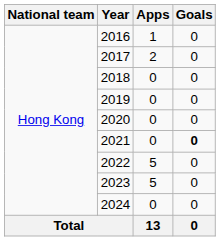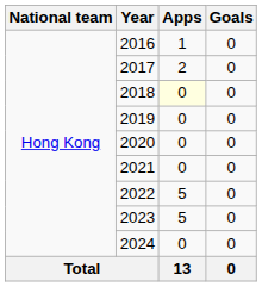 <table class="wikitable" style="text-align:center">
 <tr>
 <th>National team</th>
 <th>Year</th>
 <th>Apps</th>
 <th>Goals</th>
 </tr>
 <tr>
 <td rowspan="9"><a href='#'>Hong Kong</a></td>
 <td>2016</td>
 <td>1</td>
 <td>0</td>
 </tr>
 <tr>
 <td>2017</td>
 <td>2</td>
 <td>0</td>
 </tr>
 <tr>
 <td>2018</td>
-<td>0</td>
+<td style="background: lightyellow;">0</td>
 <td>0</td>
 </tr>
 <tr>
 <td>2019</td>
 <td>0</td>
 <td>0</td>
 </tr>
 <tr>
 <td>2020</td>
 <td>0</td>
 <td>0</td>
 </tr>
 <tr>
 <td>2021</td>
 <td>0</td>
-<td><strong>0</strong></td>
+<td>0</td>
 </tr>
 <tr>
 <td>2022</td>
 <td>5</td>
 <td>0</td>
 </tr>
 <tr>
 <td>2023</td>
 <td>5</td>
 <td>0</td>
 </tr>
 <tr>
 <td>2024</td>
 <td>0</td>
 <td>0</td>
 </tr>
 <tr>
 <th colspan=2>Total</th>
 <th>13</th>
 <th>0</th>
 </tr>
 </table>
